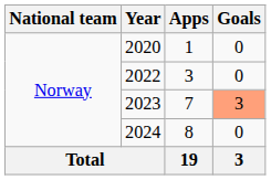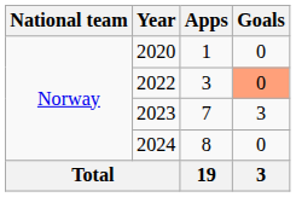 <table class="wikitable" style="text-align: center;">
 <tr>
 <th>National team</th>
 <th>Year</th>
 <th>Apps</th>
 <th>Goals</th>
 </tr>
 <tr>
 <td rowspan="4"><a href='#'>Norway</a></td>
 <td>2020</td>
 <td>1</td>
 <td>0</td>
 </tr>
 <tr>
 <td>2022</td>
 <td>3</td>
-<td>0</td>
+<td style="background: lightsalmon;">0</td>
 </tr>
 <tr>
 <td>2023</td>
 <td>7</td>
-<td style="background: lightsalmon;">3</td>
+<td>3</td>
 </tr>
 <tr>
 <td>2024</td>
 <td>8</td>
 <td>0</td>
 </tr>
 <tr>
 <th colspan="2">Total</th>
 <th>19</th>
 <th>3</th>
 </tr>
 </table>
